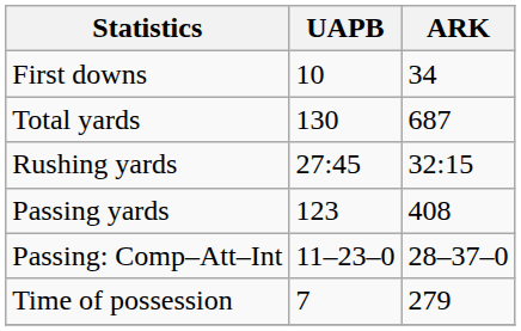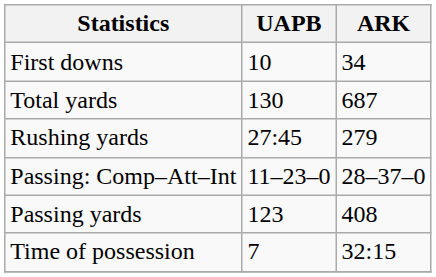 <table class="wikitable" style="float: left;">
 <tr>
 <th>Statistics</th>
 <th>UAPB</th>
 <th>ARK</th>
 </tr>
 <tr>
 <td>First downs</td>
 <td>10</td>
 <td>34</td>
 </tr>
 <tr>
 <td>Total yards</td>
 <td>130</td>
 <td>687</td>
 </tr>
 <tr>
 <td>Rushing yards</td>
 <td>27:45</td>
-<td>32:15</td>
+<td>279</td>
+</tr>
+<tr>
+<td>Passing: Comp–Att–Int</td>
+<td>11–23–0</td>
+<td>28–37–0</td>
 </tr>
 <tr>
 <td>Passing yards</td>
 <td>123</td>
 <td>408</td>
 </tr>
 <tr>
-<td>Passing: Comp–Att–Int</td>
-<td>11–23–0</td>
-<td>28–37–0</td>
-</tr>
-<tr>
 <td>Time of possession</td>
 <td>7</td>
-<td>279</td>
+<td>32:15</td>
 </tr>
 <tr>
 </tr>
 </table>
